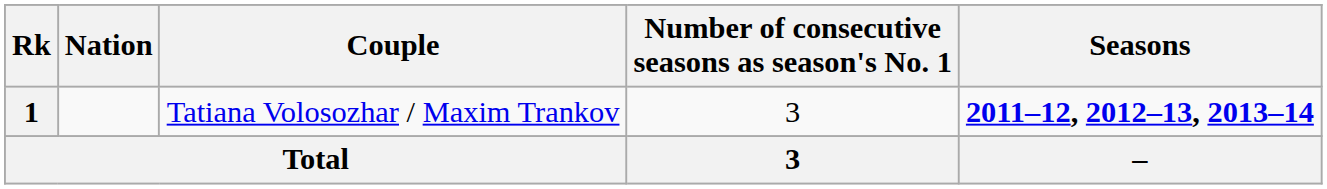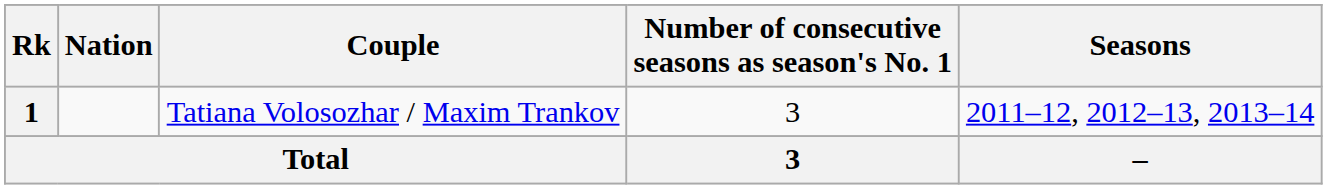 <table class="wikitable sortable">
 <tr>
 <th>Rk</th>
 <th>Nation</th>
 <th>Couple</th>
 <th>Number of consecutive<br>seasons as season's No. 1</th>
 <th>Seasons</th>
 </tr>
 <tr>
 <th>1</th>
 <td></td>
 <td><a href='#'>Tatiana Volosozhar</a> / <a href='#'>Maxim Trankov</a></td>
 <td style="text-align: center;">3</td>
-<td><strong><a href='#'>2011–12</a>, <a href='#'>2012–13</a>, <a href='#'>2013–14</a></strong></td>
+<td><a href='#'>2011–12</a>, <a href='#'>2012–13</a>, <a href='#'>2013–14</a></td>
 </tr>
 <tr class="sortbottom">
 <th colspan="3">Total</th>
 <th>3</th>
 <th>–</th>
 </tr>
 </table>
